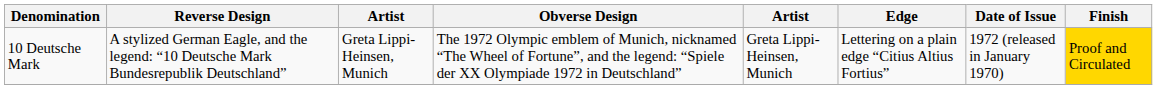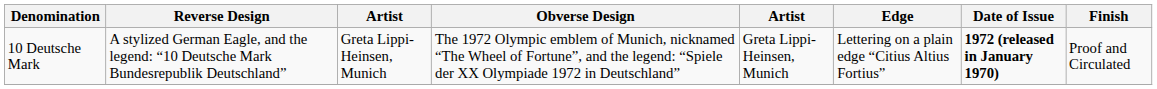 <table class="wikitable">
 <tr>
 <th>Denomination</th>
 <th>Reverse Design</th>
 <th>Artist</th>
 <th>Obverse Design</th>
 <th>Artist</th>
 <th>Edge</th>
 <th>Date of Issue</th>
 <th>Finish</th>
 </tr>
 <tr>
 <td>10 Deutsche Mark</td>
 <td>A stylized German Eagle, and the legend: “10 Deutsche Mark Bundesrepublik Deutschland”</td>
 <td>Greta Lippi-Heinsen, Munich</td>
 <td>The 1972 Olympic emblem of Munich, nicknamed “The Wheel of Fortune”, and the legend: “Spiele der XX Olympiade 1972 in Deutschland”</td>
 <td>Greta Lippi-Heinsen, Munich</td>
 <td>Lettering on a plain edge “Citius Altius Fortius”</td>
-<td>1972 (released in January 1970)</td>
-<td style="background: gold;">Proof and Circulated</td>
+<td><strong>1972 (released in January 1970)</strong></td>
+<td>Proof and Circulated</td>
 </tr>
 <tr>
 </tr>
 </table>
